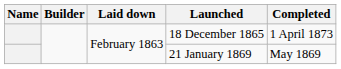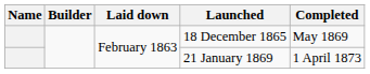 <table class="wikitable plainrowheaders">
 <tr>
 <th scope="col">Name</th>
 <th>Builder</th>
 <th scope="col">Laid down</th>
 <th scope="col">Launched</th>
 <th scope="col">Completed</th>
 </tr>
 <tr>
 <th scope="row"></th>
 <td rowspan="2"></td>
 <td rowspan="2">February 1863</td>
 <td>18 December 1865</td>
-<td>1 April 1873</td>
+<td>May 1869</td>
 </tr>
 <tr>
 <th scope="row"></th>
 <td>21 January 1869</td>
-<td>May 1869</td>
+<td>1 April 1873</td>
 </tr>
 </table>
